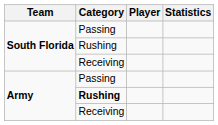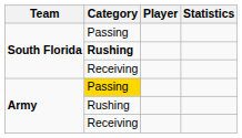 <table class="wikitable" style="float: left;">
 <tr>
 <th>Team</th>
 <th>Category</th>
 <th>Player</th>
 <th>Statistics</th>
 </tr>
 <tr>
 <td rowspan=3><strong>South Florida</strong></td>
 <td>Passing</td>
 <td></td>
 <td></td>
 </tr>
 <tr>
-<td>Rushing</td>
+<td><strong>Rushing</strong></td>
 <td></td>
 <td></td>
 </tr>
 <tr>
 <td>Receiving</td>
 <td></td>
 <td></td>
 </tr>
 <tr>
 <td rowspan=3><strong>Army</strong></td>
-<td>Passing</td>
+<td style="background: gold;">Passing</td>
 <td></td>
 <td></td>
 </tr>
 <tr>
-<td><strong>Rushing</strong></td>
+<td>Rushing</td>
 <td></td>
 <td></td>
 </tr>
 <tr>
 <td>Receiving</td>
 <td></td>
 <td></td>
 </tr>
 </table>
